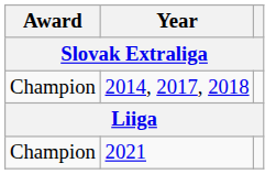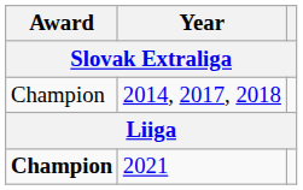 <table class="wikitable">
 <tr>
 <th>Award</th>
 <th>Year</th>
 <th></th>
 </tr>
 <tr>
 <th colspan="3"><a href='#'>Slovak Extraliga</a></th>
 </tr>
 <tr>
 <td>Champion</td>
 <td><a href='#'>2014</a>, <a href='#'>2017</a>, <a href='#'>2018</a></td>
 </tr>
 <tr>
 <th colspan="3"><a href='#'>Liiga</a></th>
 </tr>
 <tr>
-<td>Champion</td>
+<td><strong>Champion</strong></td>
 <td><a href='#'>2021</a></td>
 <td></td>
 </tr>
 </table>
